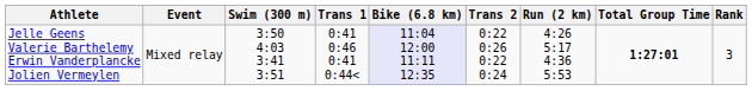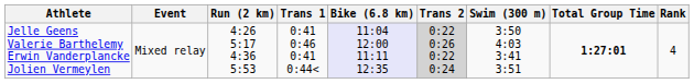 <table class="wikitable" style="font-size:90%">
 <tr>
 <th>Athlete</th>
 <th>Event</th>
-<th>Swim (300 m)</th>
+<th>Run (2 km)</th>
 <th>Trans 1</th>
 <th>Bike (6.8 km)</th>
 <th>Trans 2</th>
-<th>Run (2 km)</th>
+<th>Swim (300 m)</th>
 <th>Total Group Time</th>
 <th>Rank</th>
 </tr>
 <tr align=center>
 <td align=left><a href='#'>Jelle Geens</a><br><a href='#'>Valerie Barthelemy</a><br><a href='#'>Erwin Vanderplancke</a><br><a href='#'>Jolien Vermeylen</a></td>
 <td align=left>Mixed relay</td>
-<td>3:50<br>4:03<br>3:41<br>3:51</td>
+<td>4:26<br>5:17<br>4:36<br>5:53</td>
 <td>0:41<br>0:46<br>0:41<br>0:44<</td>
 <td style="background: lavender;">11:04<br>12:00<br>11:11<br>12:35</td>
-<td>0:22<br>0:26<br>0:22<br>0:24</td>
-<td>4:26<br>5:17<br>4:36<br>5:53</td>
+<td style="background: lightgrey;">0:22<br>0:26<br>0:22<br>0:24</td>
+<td>3:50<br>4:03<br>3:41<br>3:51</td>
 <td><strong>1:27:01</strong></td>
-<td>3</td>
+<td>4</td>
 </tr>
 </table>
